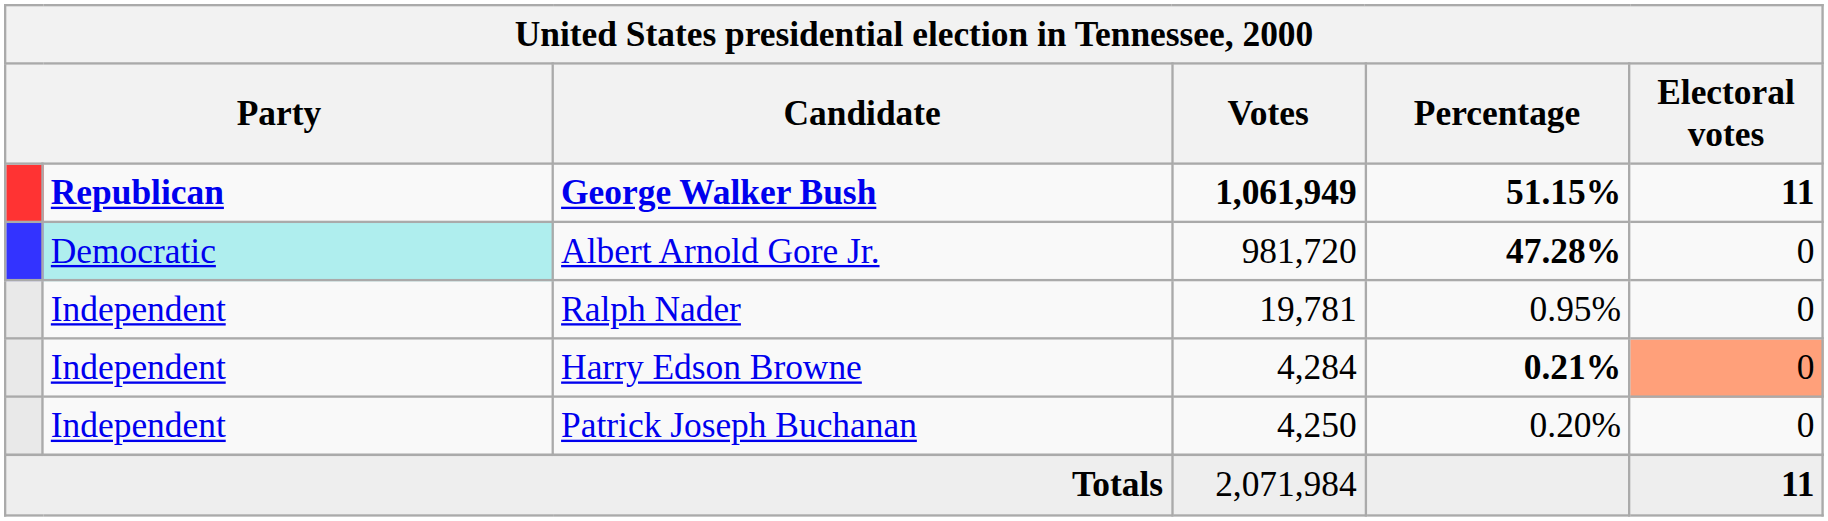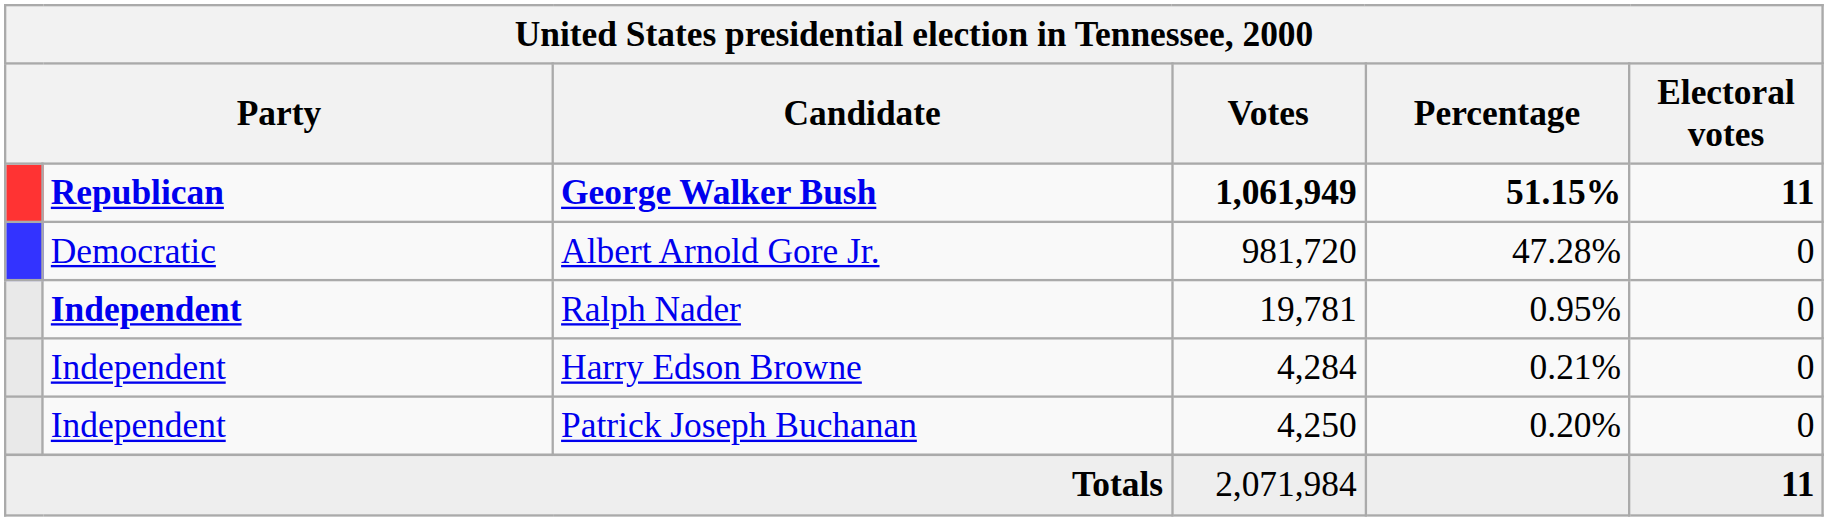 <table class="wikitable" style="font-size: 95%;">
 <tr>
 <th colspan="6">United States presidential election in Tennessee, 2000</th>
 </tr>
 <tr>
 <th colspan="2" style="width: 15em">Party</th>
 <th style="width: 17em">Candidate</th>
 <th style="width: 5em">Votes</th>
 <th style="width: 7em">Percentage</th>
 <th style="width: 5em">Electoral votes</th>
 </tr>
 <tr>
 <th style="background-color:#FF3333; width: 3px"></th>
 <td style="width: 130px"><strong><a href='#'>Republican</a></strong></td>
 <td><strong><a href='#'>George Walker Bush</a></strong></td>
 <td align="right"><strong>1,061,949</strong></td>
 <td align="right"><strong>51.15%</strong></td>
 <td align="right"><strong>11</strong></td>
 </tr>
 <tr>
 <th style="background-color:#3333FF; width: 3px"></th>
-<td style="background: paleturquoise; width: 130px"><a href='#'>Democratic</a></td>
+<td style="width: 130px"><a href='#'>Democratic</a></td>
 <td><a href='#'>Albert Arnold Gore Jr.</a></td>
 <td align="right">981,720</td>
-<td align="right"><strong>47.28%</strong></td>
+<td align="right">47.28%</td>
 <td align="right">0</td>
 </tr>
 <tr>
 <th style="background-color:#E9E9E9; width: 3px"></th>
-<td style="width: 130px"><a href='#'>Independent</a></td>
+<td style="width: 130px"><strong><a href='#'>Independent</a></strong></td>
 <td><a href='#'>Ralph Nader</a></td>
 <td align="right">19,781</td>
 <td align="right">0.95%</td>
 <td align="right">0</td>
 </tr>
 <tr>
 <th style="background-color:#E9E9E9; width: 3px"></th>
 <td style="width: 130px"><a href='#'>Independent</a></td>
 <td><a href='#'>Harry Edson Browne</a></td>
 <td align="right">4,284</td>
-<td align="right"><strong>0.21%</strong></td>
-<td align="right" style="background: lightsalmon;">0</td>
+<td align="right">0.21%</td>
+<td align="right">0</td>
 </tr>
 <tr>
 <th style="background-color:#E9E9E9; width: 3px"></th>
 <td style="width: 130px"><a href='#'>Independent</a></td>
 <td><a href='#'>Patrick Joseph Buchanan</a></td>
 <td align="right">4,250</td>
 <td align="right">0.20%</td>
 <td align="right">0</td>
 </tr>
 <tr>
 </tr>
 <tr bgcolor="#EEEEEE">
 <td colspan="3" align="right"><strong>Totals</strong></td>
 <td align="right">2,071,984</td>
 <td align="right"></td>
 <td align="right"><strong>11</strong></td>
 </tr>
 </table>
